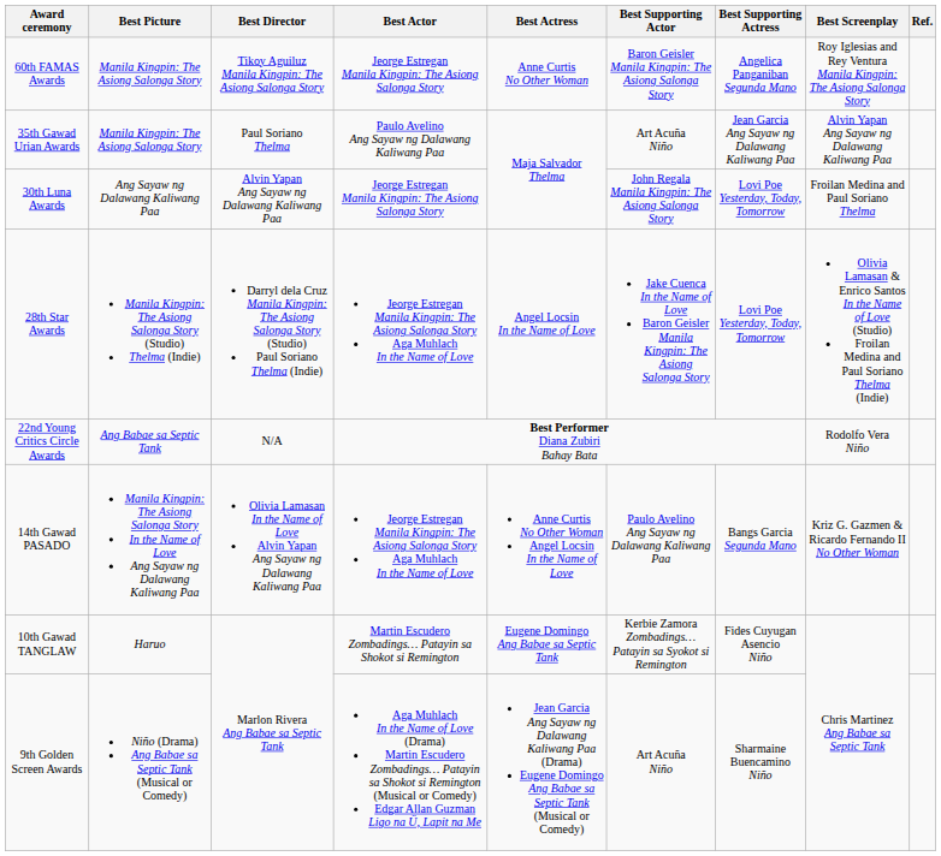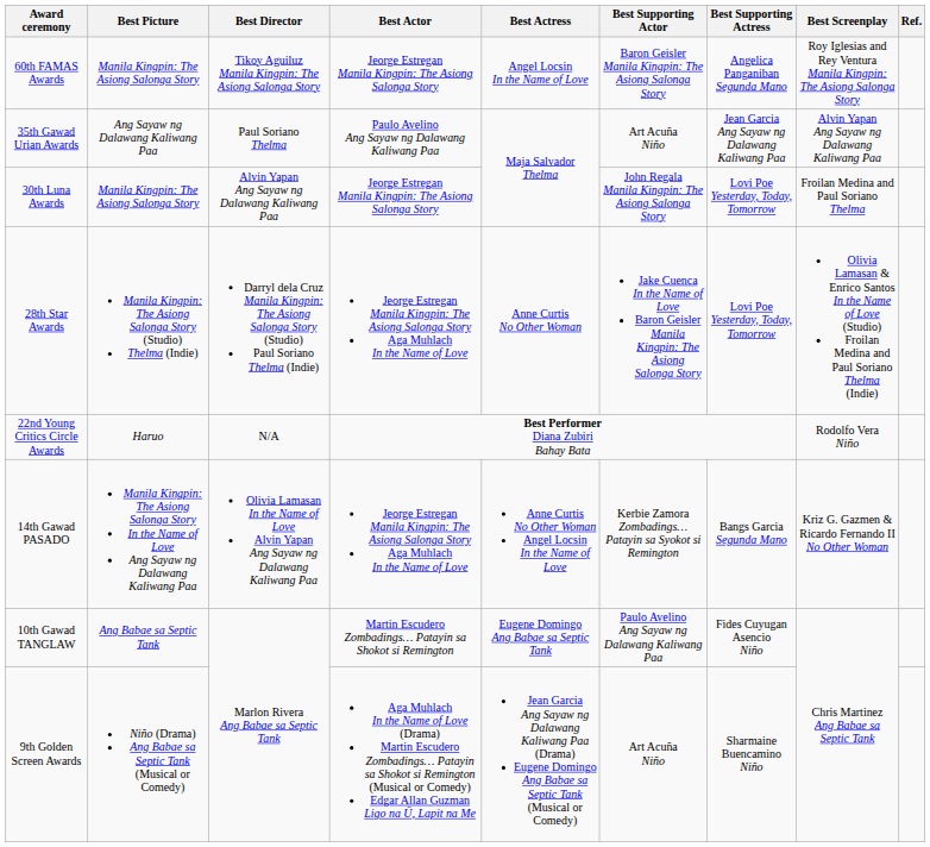 <table class="wikitable"  style="text-align:center">
 <tr>
 <th>Award ceremony</th>
 <th>Best Picture</th>
 <th>Best Director</th>
 <th>Best Actor</th>
 <th>Best Actress</th>
 <th>Best Supporting Actor</th>
 <th>Best Supporting Actress</th>
 <th>Best Screenplay</th>
 <th>Ref.</th>
 </tr>
 <tr>
 <td><a href='#'>60th FAMAS Awards</a></td>
 <td><em><a href='#'>Manila Kingpin: The Asiong Salonga Story</a></em></td>
 <td><a href='#'>Tikoy Aguiluz</a> <br><em><a href='#'>Manila Kingpin: The Asiong Salonga Story</a></em></td>
 <td><a href='#'>Jeorge Estregan</a><br> <em><a href='#'>Manila Kingpin: The Asiong Salonga Story</a></em></td>
-<td><a href='#'>Anne Curtis</a> <br> <em><a href='#'>No Other Woman</a></em></td>
+<td><a href='#'>Angel Locsin</a> <br> <em><a href='#'>In the Name of Love</a></em></td>
 <td><a href='#'>Baron Geisler</a> <br> <em><a href='#'>Manila Kingpin: The Asiong Salonga Story</a></em></td>
 <td><a href='#'>Angelica Panganiban</a> <br><em><a href='#'>Segunda Mano</a></em></td>
 <td>Roy Iglesias and Rey Ventura <br> <em><a href='#'>Manila Kingpin: The Asiong Salonga Story</a></em></td>
 <td></td>
 </tr>
 <tr>
 <td><a href='#'>35th Gawad Urian Awards</a></td>
-<td><em><a href='#'>Manila Kingpin: The Asiong Salonga Story</a></em></td>
+<td><em>Ang Sayaw ng Dalawang Kaliwang Paa</em></td>
 <td>Paul Soriano <br> <em><a href='#'>Thelma</a></em></td>
 <td><a href='#'>Paulo Avelino</a> <br> <em>Ang Sayaw ng Dalawang Kaliwang Paa</em></td>
 <td rowspan = 2><a href='#'>Maja Salvador</a> <br> <em><a href='#'>Thelma</a></em></td>
 <td>Art Acuña <br> <em>Niño</em></td>
 <td><a href='#'>Jean Garcia</a> <br> <em>Ang Sayaw ng Dalawang Kaliwang Paa</em></td>
 <td><a href='#'>Alvin Yapan</a> <br> <em>Ang Sayaw ng Dalawang Kaliwang Paa </em></td>
 <td></td>
 </tr>
 <tr>
 <td><a href='#'>30th Luna Awards</a></td>
-<td><em>Ang Sayaw ng Dalawang Kaliwang Paa</em></td>
+<td><em><a href='#'>Manila Kingpin: The Asiong Salonga Story</a></em></td>
 <td><a href='#'>Alvin Yapan</a> <br> <em>Ang Sayaw ng Dalawang Kaliwang Paa </em></td>
 <td><a href='#'>Jeorge Estregan</a><br> <em><a href='#'>Manila Kingpin: The Asiong Salonga Story</a></em></td>
 <td><a href='#'>John Regala</a><br> <em><a href='#'>Manila Kingpin: The Asiong Salonga Story</a></em></td>
 <td><a href='#'>Lovi Poe</a> <br> <em><a href='#'>Yesterday, Today, Tomorrow</a></em></td>
 <td>Froilan Medina and Paul Soriano<br> <em><a href='#'>Thelma</a></em></td>
 <td></td>
 </tr>
 <tr>
 <td><a href='#'>28th Star Awards</a></td>
 <td><br><ul><li><em><a href='#'>Manila Kingpin: The Asiong Salonga Story</a></em> (Studio)</li><li><em><a href='#'>Thelma</a></em> (Indie)</li></ul></td>
 <td><br><ul><li>Darryl dela Cruz  <br><em><a href='#'>Manila Kingpin: The Asiong Salonga Story</a></em> (Studio)</li><li>Paul Soriano <br> <em><a href='#'>Thelma</a></em> (Indie)</li></ul></td>
 <td><br><ul><li><a href='#'>Jeorge Estregan</a><br> <em><a href='#'>Manila Kingpin: The Asiong Salonga Story</a></em></li><li><a href='#'>Aga Muhlach</a><br> <em><a href='#'>In the Name of Love</a></em></li></ul></td>
-<td><a href='#'>Angel Locsin</a> <br> <em><a href='#'>In the Name of Love</a></em></td>
+<td><a href='#'>Anne Curtis</a> <br> <em><a href='#'>No Other Woman</a></em></td>
 <td><br><ul><li><a href='#'>Jake Cuenca</a><br><em><a href='#'>In the Name of Love</a></em></li><li><a href='#'>Baron Geisler</a> <br> <em><a href='#'>Manila Kingpin: The Asiong Salonga Story</a></em></li></ul></td>
 <td><a href='#'>Lovi Poe</a> <br> <em><a href='#'>Yesterday, Today, Tomorrow</a></em></td>
 <td><br><ul><li><a href='#'>Olivia Lamasan</a> & Enrico Santos <br><em><a href='#'>In the Name of Love</a></em> (Studio)</li><li>Froilan Medina and Paul Soriano<br> <em><a href='#'>Thelma</a></em> (Indie)</li></ul></td>
 <td></td>
 </tr>
 <tr>
 <td><a href='#'>22nd Young Critics Circle Awards</a></td>
-<td><em><a href='#'>Ang Babae sa Septic Tank</a></em></td>
+<td><em>Haruo</em></td>
 <td>N/A</td>
 <td colspan=4><strong>Best Performer</strong><br><a href='#'>Diana Zubiri</a> <br> <em>Bahay Bata</em></td>
 <td>Rodolfo Vera <br> <em>Niño</em></td>
 <td></td>
 </tr>
 <tr>
 <td>14th Gawad PASADO</td>
 <td><br><ul><li><em><a href='#'>Manila Kingpin: The Asiong Salonga Story</a></em></li><li><em><a href='#'>In the Name of Love</a></em></li><li><em>Ang Sayaw ng Dalawang Kaliwang Paa</em></li></ul></td>
 <td><br><ul><li><a href='#'>Olivia Lamasan</a><br> <em><a href='#'>In the Name of Love</a></em></li><li><a href='#'>Alvin Yapan</a> <br> <em>Ang Sayaw ng Dalawang Kaliwang Paa </em></li></ul></td>
 <td><br><ul><li><a href='#'>Jeorge Estregan</a><br> <em><a href='#'>Manila Kingpin: The Asiong Salonga Story</a></em></li><li><a href='#'>Aga Muhlach</a><br> <em><a href='#'>In the Name of Love</a></em></li></ul></td>
 <td><br><ul><li><a href='#'>Anne Curtis</a> <br> <em><a href='#'>No Other Woman</a></em></li><li><a href='#'>Angel Locsin</a> <br> <em><a href='#'>In the Name of Love</a></em></li></ul></td>
-<td><a href='#'>Paulo Avelino</a> <br> <em>Ang Sayaw ng Dalawang Kaliwang Paa</em></td>
+<td>Kerbie Zamora<br><em>Zombadings… Patayin sa Syokot si Remington</em></td>
 <td>Bangs Garcia <br><em><a href='#'>Segunda Mano</a></em></td>
 <td>Kriz G. Gazmen & Ricardo Fernando II <br> <em><a href='#'>No Other Woman</a></em></td>
 <td></td>
 </tr>
 <tr>
 <td>10th Gawad TANGLAW</td>
-<td><em>Haruo</em></td>
+<td><em><a href='#'>Ang Babae sa Septic Tank</a></em></td>
 <td rowspan = 2>Marlon Rivera <br> <em><a href='#'>Ang Babae sa Septic Tank</a></em></td>
 <td><a href='#'>Martin Escudero</a> <br> <em>Zombadings… Patayin sa Shokot si Remington</em></td>
 <td><a href='#'>Eugene Domingo</a> <br> <em><a href='#'>Ang Babae sa Septic Tank</a></em></td>
-<td>Kerbie Zamora<br><em>Zombadings… Patayin sa Syokot si Remington</em></td>
+<td><a href='#'>Paulo Avelino</a> <br> <em>Ang Sayaw ng Dalawang Kaliwang Paa</em></td>
 <td>Fides Cuyugan Asencio <br><em>Niño</em></td>
 <td rowspan = 2>Chris Martinez <br> <em><a href='#'>Ang Babae sa Septic Tank</a></em></td>
 <td></td>
 </tr>
 <tr>
 <td>9th Golden Screen Awards</td>
 <td><br><ul><li><em>Niño</em> (Drama)</li><li><em><a href='#'>Ang Babae sa Septic Tank</a></em> (Musical or Comedy)</li></ul></td>
 <td><br><ul><li><a href='#'>Aga Muhlach</a><br> <em><a href='#'>In the Name of Love</a></em> (Drama)</li><li><a href='#'>Martin Escudero</a> <br> <em>Zombadings… Patayin sa Shokot si Remington</em> (Musical or Comedy)</li><li><a href='#'>Edgar Allan Guzman</a> <br> <em><a href='#'>Ligo na Ü, Lapit na Me</a></em></li></ul></td>
 <td><br><ul><li><a href='#'>Jean Garcia</a> <br> <em>Ang Sayaw ng Dalawang Kaliwang Paa</em> (Drama)</li><li><a href='#'>Eugene Domingo</a> <br> <em><a href='#'>Ang Babae sa Septic Tank</a></em> (Musical or Comedy)</li></ul></td>
 <td>Art Acuña <br> <em>Niño</em></td>
 <td>Sharmaine Buencamino <br> <em>Niño</em></td>
 <td></td>
 </tr>
 </table>
